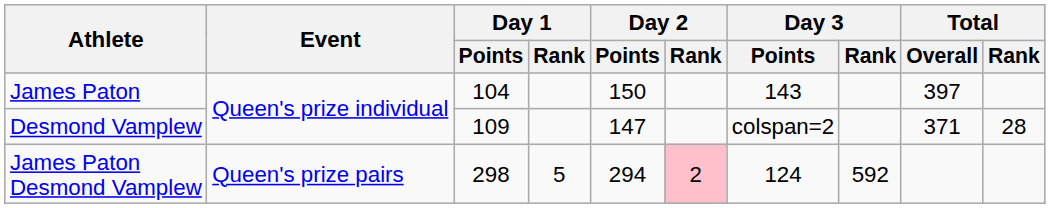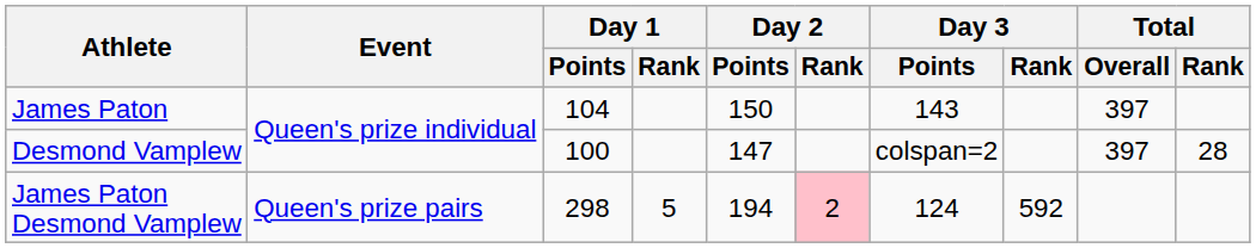 <table class="wikitable" style="font-size:90%">
 <tr>
 <th rowspan=2>Athlete</th>
 <th rowspan=2>Event</th>
 <th colspan=2>Day 1</th>
 <th colspan=2>Day 2</th>
 <th colspan=2>Day 3</th>
 <th colspan=2>Total</th>
 </tr>
 <tr style="font-size:95%">
 <th>Points</th>
 <th>Rank</th>
 <th>Points</th>
 <th>Rank</th>
 <th>Points</th>
 <th>Rank</th>
 <th>Overall</th>
 <th>Rank</th>
 </tr>
 <tr align=center>
 <td align=left><a href='#'>James Paton</a></td>
 <td align=left rowspan="2"><a href='#'>Queen's prize individual</a></td>
 <td>104</td>
 <td></td>
 <td>150</td>
 <td></td>
 <td>143</td>
 <td></td>
 <td>397</td>
 <td></td>
 </tr>
 <tr align=center>
 <td align=left><a href='#'>Desmond Vamplew</a></td>
-<td>109</td>
+<td>100</td>
 <td></td>
 <td>147</td>
 <td></td>
 <td>colspan=2 </td>
 <td></td>
-<td>371</td>
+<td>397</td>
 <td>28</td>
 </tr>
 <tr align=center>
 <td align=left><a href='#'>James Paton</a><br><a href='#'>Desmond Vamplew</a></td>
 <td align=left><a href='#'>Queen's prize pairs</a></td>
 <td>298</td>
 <td>5</td>
-<td>294</td>
+<td>194</td>
 <td style="background: pink;">2</td>
 <td>124</td>
 <td>592</td>
 <td></td>
 </tr>
 </table>
